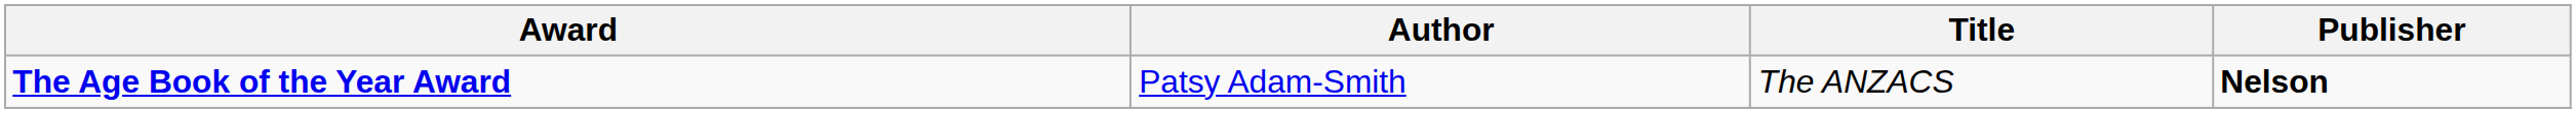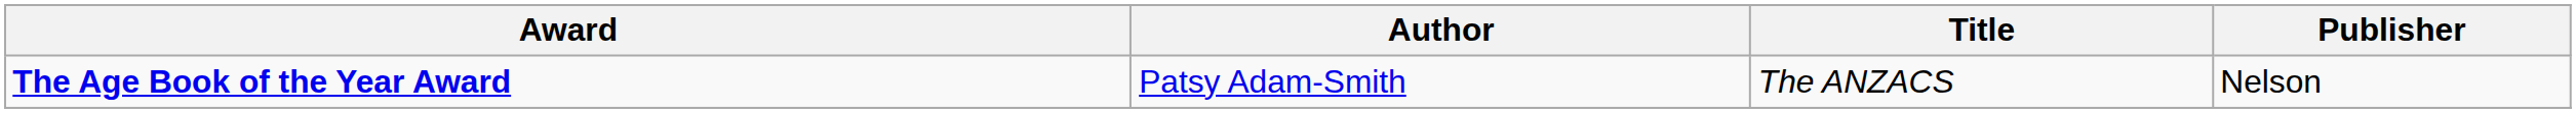 <table class="wikitable" width=100%>
 <tr>
 <th>Award</th>
 <th>Author</th>
 <th>Title</th>
 <th>Publisher</th>
 </tr>
 <tr>
 <td><strong><a href='#'>The Age Book of the Year Award</a></strong></td>
 <td><a href='#'>Patsy Adam-Smith</a></td>
 <td><em>The ANZACS</em></td>
-<td><strong>Nelson</strong></td>
+<td>Nelson</td>
 </tr>
 <tr>
 </tr>
 </table>
